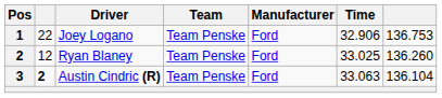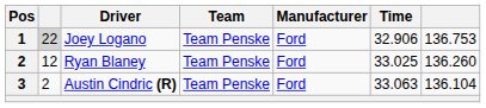 <table class="wikitable" style="font-size:95%">
 <tr>
 <th>Pos</th>
 <th></th>
 <th>Driver</th>
 <th>Team</th>
 <th>Manufacturer</th>
 <th>Time</th>
 <th></th>
 </tr>
 <tr>
 <th>1</th>
-<td>22</td>
+<td style="background: lightgrey;">22</td>
 <td><a href='#'>Joey Logano</a></td>
 <td><a href='#'>Team Penske</a></td>
 <td><a href='#'>Ford</a></td>
 <td>32.906</td>
 <td>136.753</td>
 </tr>
 <tr>
 <th>2</th>
 <td>12</td>
 <td><a href='#'>Ryan Blaney</a></td>
 <td><a href='#'>Team Penske</a></td>
 <td><a href='#'>Ford</a></td>
 <td>33.025</td>
 <td>136.260</td>
 </tr>
 <tr>
 <th>3</th>
-<td><strong>2</strong></td>
+<td>2</td>
 <td><a href='#'>Austin Cindric</a> <strong>(R)</strong></td>
 <td><a href='#'>Team Penske</a></td>
 <td><a href='#'>Ford</a></td>
 <td>33.063</td>
 <td>136.104</td>
 </tr>
 <tr>
 <th colspan="7"></th>
 </tr>
 </table>
